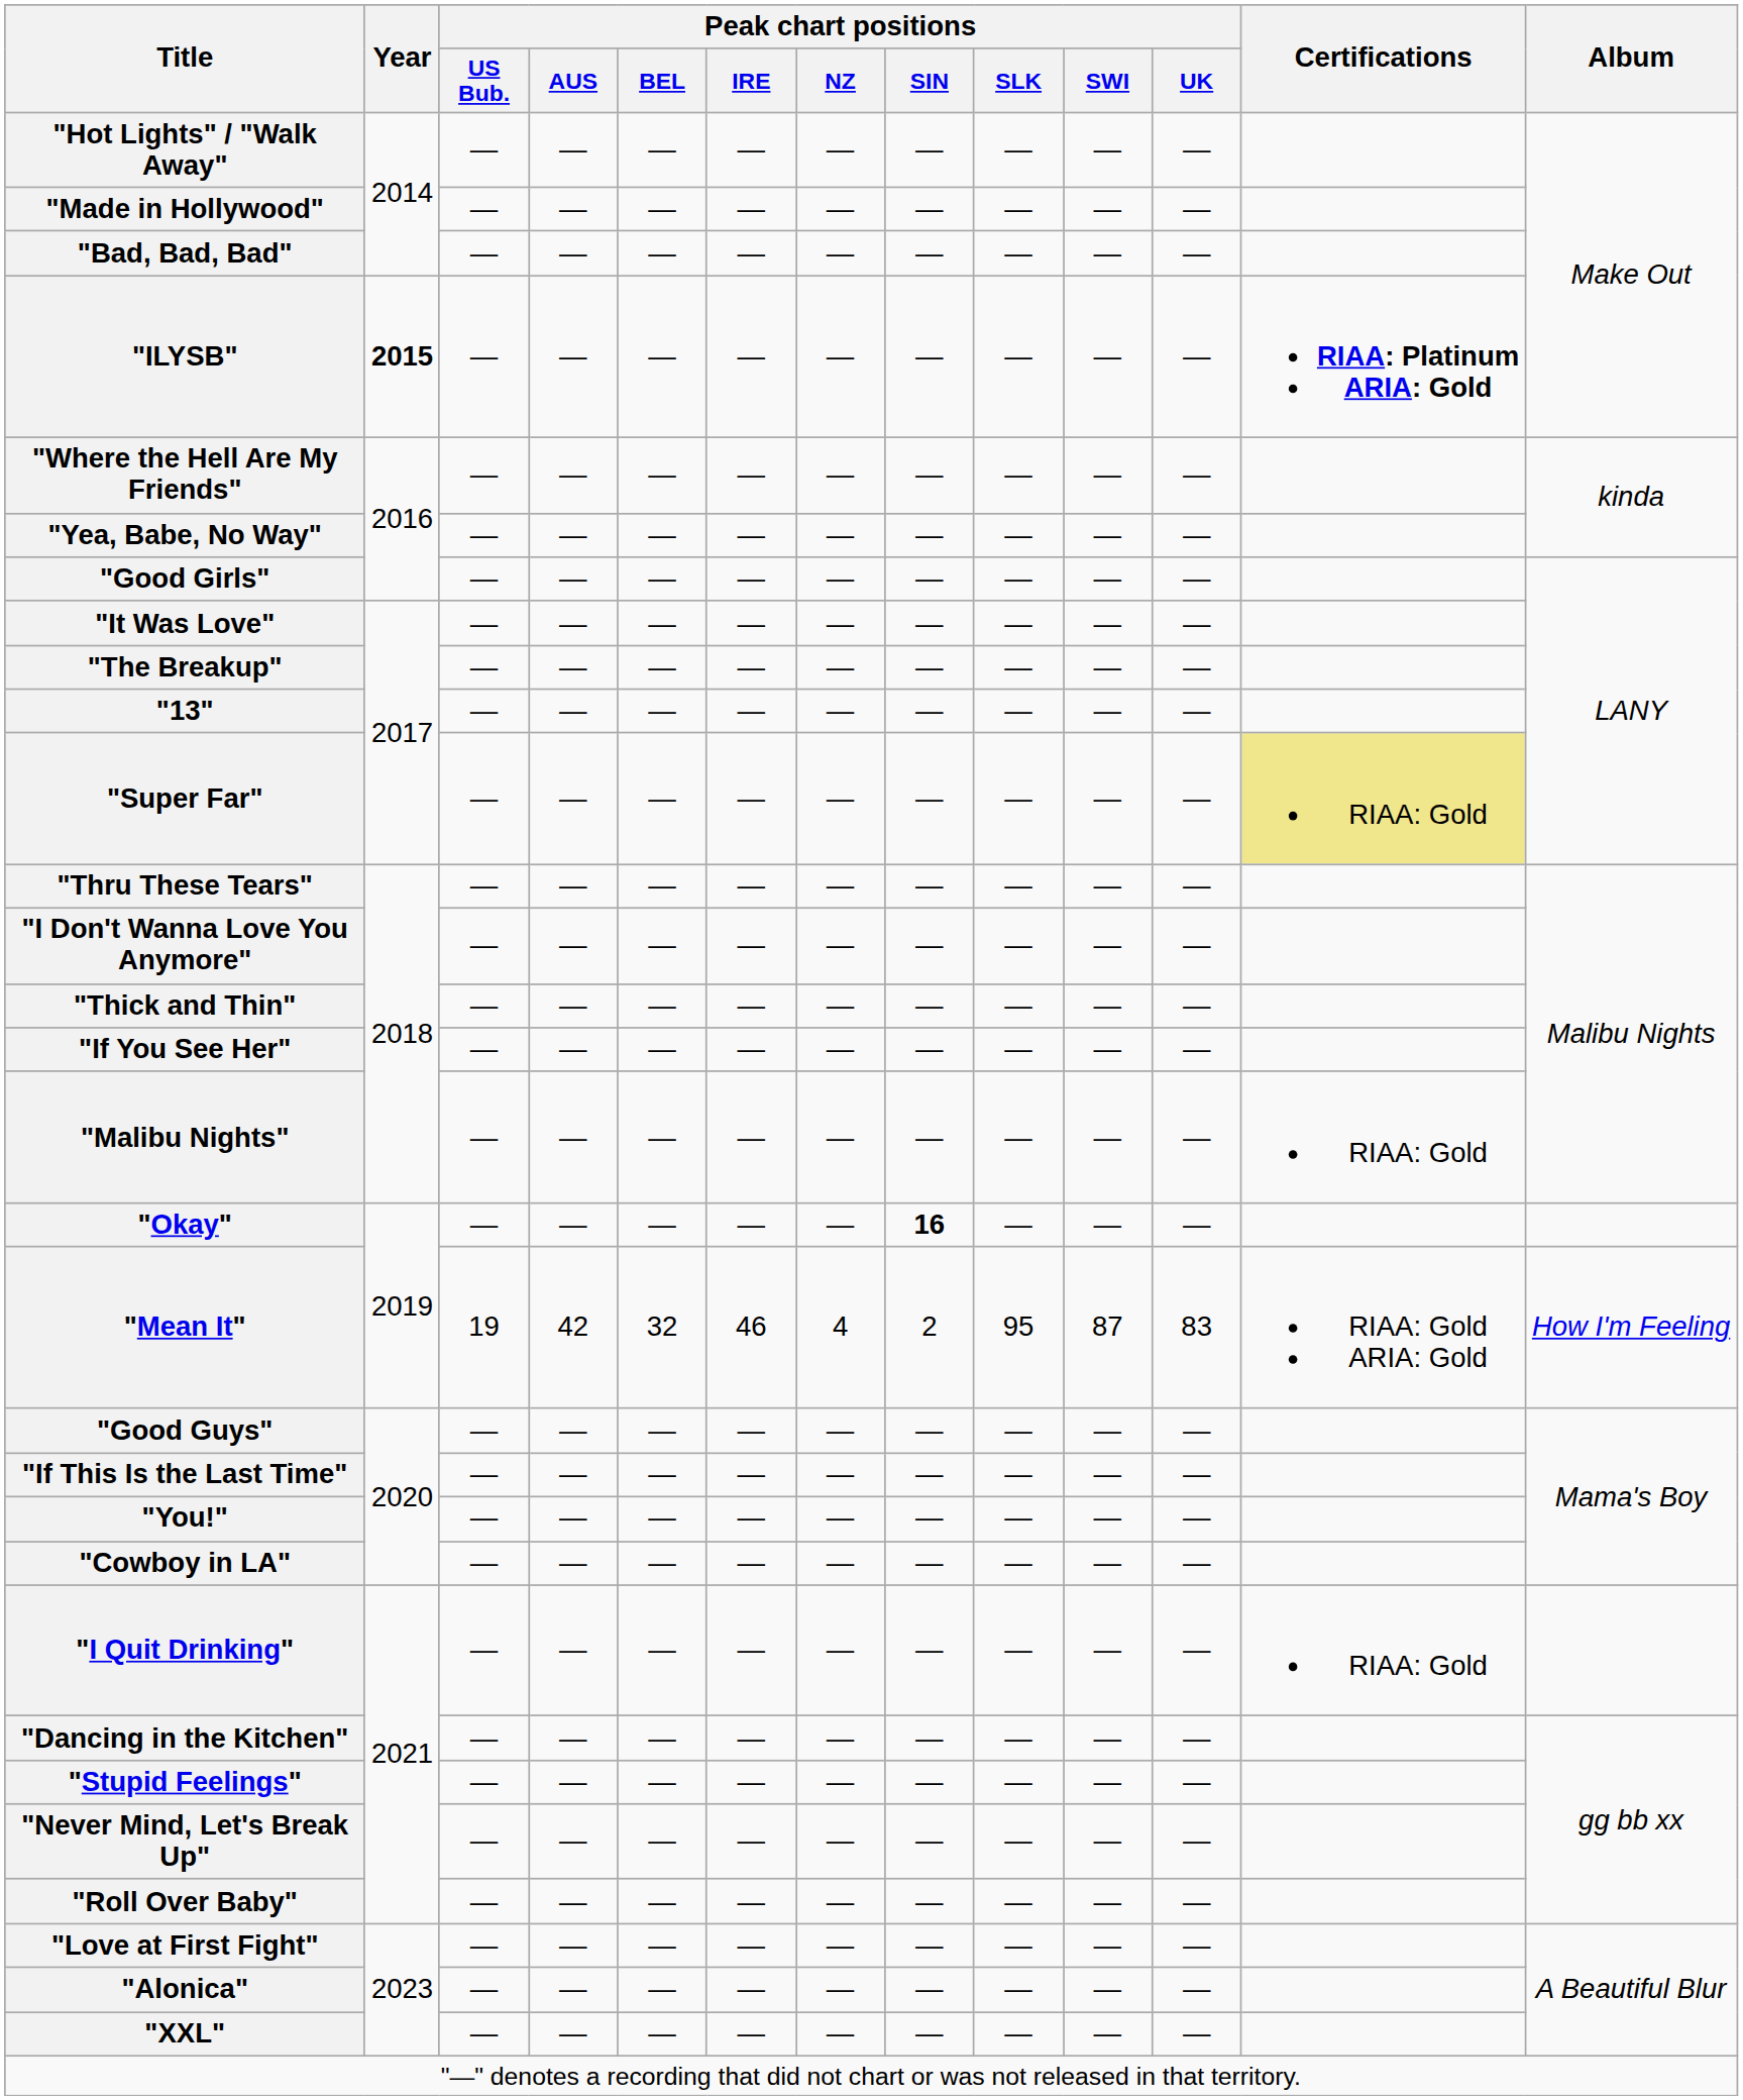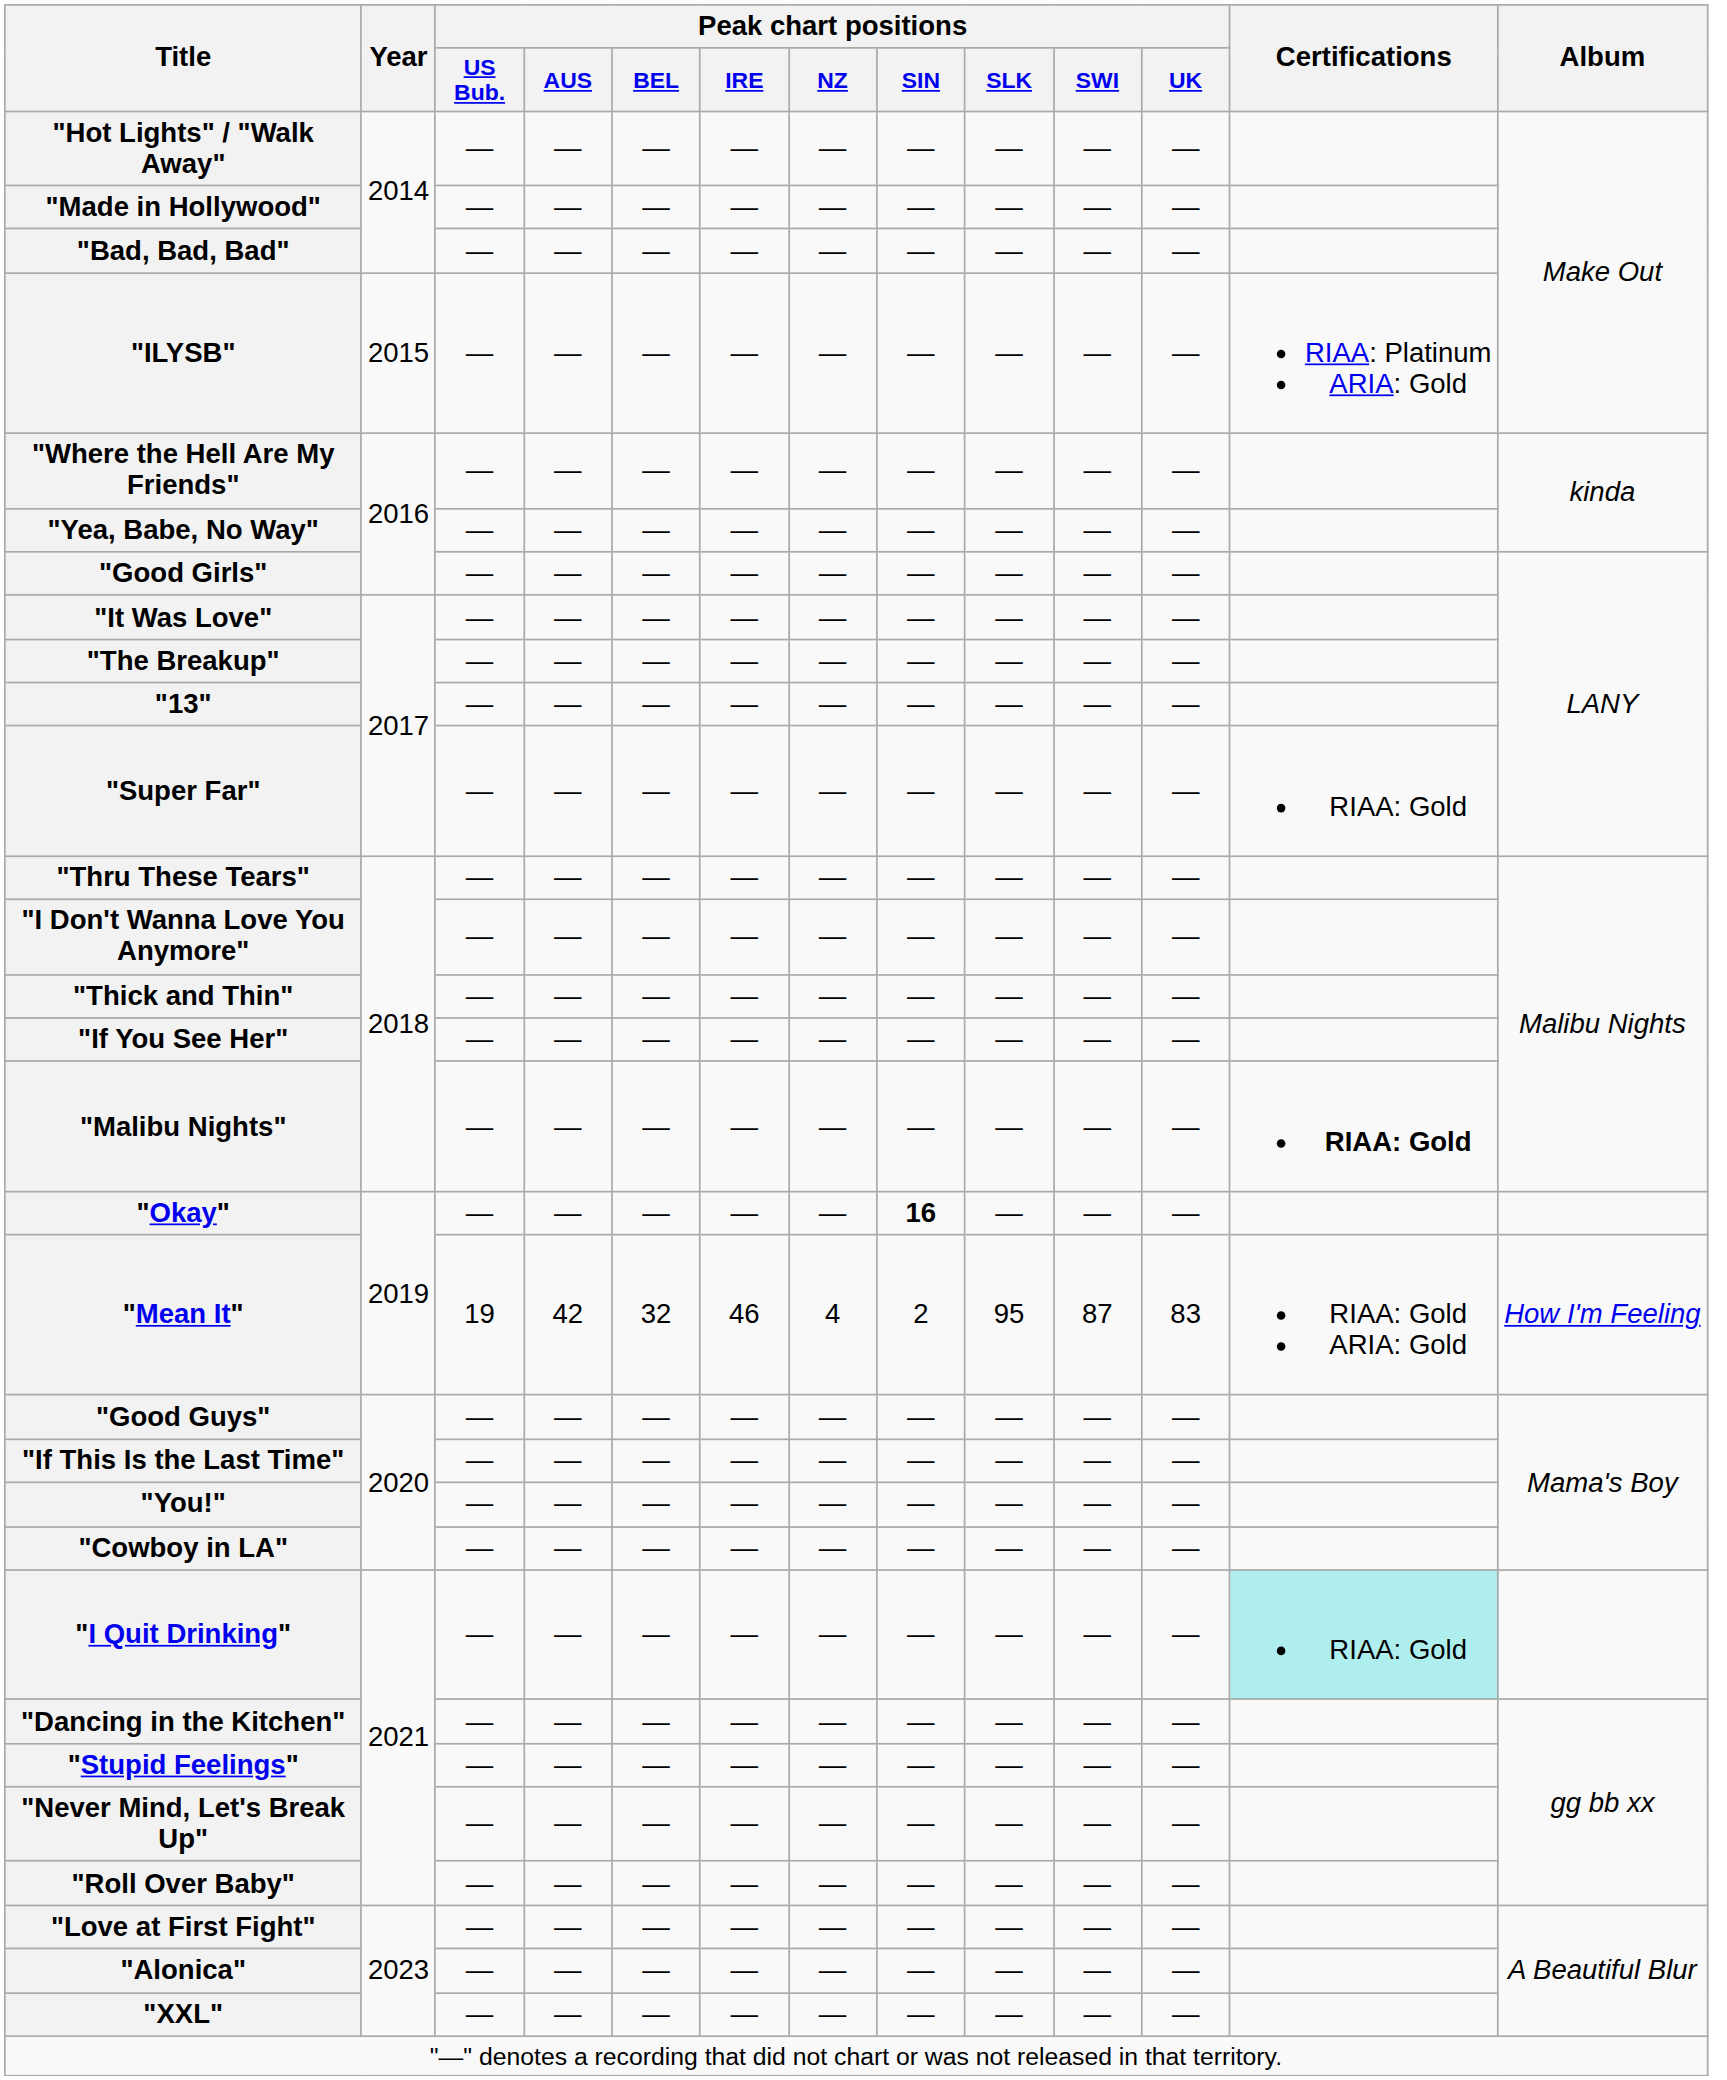 <table class="wikitable plainrowheaders" style="text-align:center;">
 <tr>
 <th scope="col" rowspan="2" style="width:200px;">Title</th>
 <th scope="col" rowspan="2">Year</th>
 <th scope="col" colspan="9">Peak chart positions</th>
 <th scope="col" rowspan="2">Certifications</th>
 <th scope="col" rowspan="2">Album</th>
 </tr>
 <tr style="font-size:smaller;">
 <th style="width:45px;"><a href='#'>US<br>Bub.</a><br></th>
 <th style="width:45px;"><a href='#'>AUS</a><br></th>
 <th style="width:45px;"><a href='#'>BEL</a><br></th>
 <th style="width:45px;"><a href='#'>IRE</a><br></th>
 <th style="width:45px;"><a href='#'>NZ</a><br></th>
 <th style="width:45px;"><a href='#'>SIN</a><br></th>
 <th style="width:45px;"><a href='#'>SLK</a><br></th>
 <th style="width:45px;"><a href='#'>SWI</a><br></th>
 <th style="width:45px;"><a href='#'>UK</a><br></th>
 </tr>
 <tr>
 <th scope="row">"Hot Lights" / "Walk Away"</th>
 <td rowspan="3">2014</td>
 <td>—</td>
 <td>—</td>
 <td>—</td>
 <td>—</td>
 <td>—</td>
 <td>—</td>
 <td>—</td>
 <td>—</td>
 <td>—</td>
 <td></td>
 <td rowspan="4"><em>Make Out</em></td>
 </tr>
 <tr>
 <th scope="row">"Made in Hollywood"</th>
 <td>—</td>
 <td>—</td>
 <td>—</td>
 <td>—</td>
 <td>—</td>
 <td>—</td>
 <td>—</td>
 <td>—</td>
 <td>—</td>
 <td></td>
 </tr>
 <tr>
 <th scope="row">"Bad, Bad, Bad"</th>
 <td>—</td>
 <td>—</td>
 <td>—</td>
 <td>—</td>
 <td>—</td>
 <td>—</td>
 <td>—</td>
 <td>—</td>
 <td>—</td>
 <td></td>
 </tr>
 <tr>
 <th scope="row">"ILYSB"</th>
-<td><strong>2015</strong></td>
+<td>2015</td>
 <td>—</td>
 <td>—</td>
 <td>—</td>
 <td>—</td>
 <td>—</td>
 <td>—</td>
 <td>—</td>
 <td>—</td>
 <td>—</td>
-<td><strong><br><ul><li><a href='#'>RIAA</a>: Platinum</li><li><a href='#'>ARIA</a>: Gold</li></ul></strong></td>
+<td><br><ul><li><a href='#'>RIAA</a>: Platinum</li><li><a href='#'>ARIA</a>: Gold</li></ul></td>
 </tr>
 <tr>
 <th scope="row">"Where the Hell Are My Friends"</th>
 <td rowspan="3">2016</td>
 <td>—</td>
 <td>—</td>
 <td>—</td>
 <td>—</td>
 <td>—</td>
 <td>—</td>
 <td>—</td>
 <td>—</td>
 <td>—</td>
 <td></td>
 <td rowspan="2"><em>kinda</em></td>
 </tr>
 <tr>
 <th scope="row">"Yea, Babe, No Way"</th>
 <td>—</td>
 <td>—</td>
 <td>—</td>
 <td>—</td>
 <td>—</td>
 <td>—</td>
 <td>—</td>
 <td>—</td>
 <td>—</td>
 <td></td>
 </tr>
 <tr>
 <th scope="row">"Good Girls"</th>
 <td>—</td>
 <td>—</td>
 <td>—</td>
 <td>—</td>
 <td>—</td>
 <td>—</td>
 <td>—</td>
 <td>—</td>
 <td>—</td>
 <td></td>
 <td rowspan="5"><em>LANY</em></td>
 </tr>
 <tr>
 <th scope="row">"It Was Love"</th>
 <td rowspan="4">2017</td>
 <td>—</td>
 <td>—</td>
 <td>—</td>
 <td>—</td>
 <td>—</td>
 <td>—</td>
 <td>—</td>
 <td>—</td>
 <td>—</td>
 <td></td>
 </tr>
 <tr>
 <th scope="row">"The Breakup"</th>
 <td>—</td>
 <td>—</td>
 <td>—</td>
 <td>—</td>
 <td>—</td>
 <td>—</td>
 <td>—</td>
 <td>—</td>
 <td>—</td>
 <td></td>
 </tr>
 <tr>
 <th scope="row">"13"</th>
 <td>—</td>
 <td>—</td>
 <td>—</td>
 <td>—</td>
 <td>—</td>
 <td>—</td>
 <td>—</td>
 <td>—</td>
 <td>—</td>
 <td></td>
 </tr>
 <tr>
 <th scope="row">"Super Far"</th>
 <td>—</td>
 <td>—</td>
 <td>—</td>
 <td>—</td>
 <td>—</td>
 <td>—</td>
 <td>—</td>
 <td>—</td>
 <td>—</td>
-<td style="background: khaki;"><br><ul><li>RIAA: Gold</li></ul></td>
+<td><br><ul><li>RIAA: Gold</li></ul></td>
 </tr>
 <tr>
 <th scope="row">"Thru These Tears"</th>
 <td rowspan="5">2018</td>
 <td>—</td>
 <td>—</td>
 <td>—</td>
 <td>—</td>
 <td>—</td>
 <td>—</td>
 <td>—</td>
 <td>—</td>
 <td>—</td>
 <td></td>
 <td rowspan="5"><em>Malibu Nights</em></td>
 </tr>
 <tr>
 <th scope="row">"I Don't Wanna Love You Anymore"</th>
 <td>—</td>
 <td>—</td>
 <td>—</td>
 <td>—</td>
 <td>—</td>
 <td>—</td>
 <td>—</td>
 <td>—</td>
 <td>—</td>
 <td></td>
 </tr>
 <tr>
 <th scope="row">"Thick and Thin"</th>
 <td>—</td>
 <td>—</td>
 <td>—</td>
 <td>—</td>
 <td>—</td>
 <td>—</td>
 <td>—</td>
 <td>—</td>
 <td>—</td>
 <td></td>
 </tr>
 <tr>
 <th scope="row">"If You See Her"</th>
 <td>—</td>
 <td>—</td>
 <td>—</td>
 <td>—</td>
 <td>—</td>
 <td>—</td>
 <td>—</td>
 <td>—</td>
 <td>—</td>
 <td></td>
 </tr>
 <tr>
 <th scope="row">"Malibu Nights"</th>
 <td>—</td>
 <td>—</td>
 <td>—</td>
 <td>—</td>
 <td>—</td>
 <td>—</td>
 <td>—</td>
 <td>—</td>
 <td>—</td>
-<td><br><ul><li>RIAA: Gold</li></ul></td>
+<td><strong><br><ul><li>RIAA: Gold</li></ul></strong></td>
 </tr>
 <tr>
 <th scope="row">"<a href='#'>Okay</a>"<br></th>
 <td rowspan="2">2019</td>
 <td>—</td>
 <td>—</td>
 <td>—</td>
 <td>—</td>
 <td>—</td>
 <td><strong>16</strong></td>
 <td>—</td>
 <td>—</td>
 <td>—</td>
 <td></td>
 <td></td>
 </tr>
 <tr>
 <th scope="row">"<a href='#'>Mean It</a>"<br></th>
 <td>19</td>
 <td>42</td>
 <td>32</td>
 <td>46</td>
 <td>4</td>
 <td>2</td>
 <td>95</td>
 <td>87</td>
 <td>83</td>
 <td><br><ul><li>RIAA: Gold</li><li>ARIA: Gold</li></ul></td>
 <td><em><a href='#'>How I'm Feeling</a></em></td>
 </tr>
 <tr>
 <th scope="row">"Good Guys"</th>
 <td rowspan="4">2020</td>
 <td>—</td>
 <td>—</td>
 <td>—</td>
 <td>—</td>
 <td>—</td>
 <td>—</td>
 <td>—</td>
 <td>—</td>
 <td>—</td>
 <td></td>
 <td rowspan="4"><em>Mama's Boy</em></td>
 </tr>
 <tr>
 <th scope="row">"If This Is the Last Time"</th>
 <td>—</td>
 <td>—</td>
 <td>—</td>
 <td>—</td>
 <td>—</td>
 <td>—</td>
 <td>—</td>
 <td>—</td>
 <td>—</td>
 <td></td>
 </tr>
 <tr>
 <th scope="row">"You!"</th>
 <td>—</td>
 <td>—</td>
 <td>—</td>
 <td>—</td>
 <td>—</td>
 <td>—</td>
 <td>—</td>
 <td>—</td>
 <td>—</td>
 <td></td>
 </tr>
 <tr>
 <th scope="row">"Cowboy in LA"</th>
 <td>—</td>
 <td>—</td>
 <td>—</td>
 <td>—</td>
 <td>—</td>
 <td>—</td>
 <td>—</td>
 <td>—</td>
 <td>—</td>
 <td></td>
 </tr>
 <tr>
 <th scope="row">"<a href='#'>I Quit Drinking</a>"<br></th>
 <td rowspan="5">2021</td>
 <td>—</td>
 <td>—</td>
 <td>—</td>
 <td>—</td>
 <td>—</td>
 <td>—</td>
 <td>—</td>
 <td>—</td>
 <td>—</td>
-<td><br><ul><li>RIAA: Gold</li></ul></td>
+<td style="background: paleturquoise;"><br><ul><li>RIAA: Gold</li></ul></td>
 <td></td>
 </tr>
 <tr>
 <th scope="row">"Dancing in the Kitchen"</th>
 <td>—</td>
 <td>—</td>
 <td>—</td>
 <td>—</td>
 <td>—</td>
 <td>—</td>
 <td>—</td>
 <td>—</td>
 <td>—</td>
 <td></td>
 <td rowspan="4"><em>gg bb xx</em></td>
 </tr>
 <tr>
 <th scope="row">"<a href='#'>Stupid Feelings</a>"<br></th>
 <td>—</td>
 <td>—</td>
 <td>—</td>
 <td>—</td>
 <td>—</td>
 <td>—</td>
 <td>—</td>
 <td>—</td>
 <td>—</td>
 <td></td>
 </tr>
 <tr>
 <th scope="row">"Never Mind, Let's Break Up"</th>
 <td>—</td>
 <td>—</td>
 <td>—</td>
 <td>—</td>
 <td>—</td>
 <td>—</td>
 <td>—</td>
 <td>—</td>
 <td>—</td>
 <td></td>
 </tr>
 <tr>
 <th scope="row">"Roll Over Baby"</th>
 <td>—</td>
 <td>—</td>
 <td>—</td>
 <td>—</td>
 <td>—</td>
 <td>—</td>
 <td>—</td>
 <td>—</td>
 <td>—</td>
 <td></td>
 </tr>
 <tr>
 <th scope="row">"Love at First Fight"</th>
 <td rowspan="3">2023</td>
 <td>—</td>
 <td>—</td>
 <td>—</td>
 <td>—</td>
 <td>—</td>
 <td>—</td>
 <td>—</td>
 <td>—</td>
 <td>—</td>
 <td></td>
 <td rowspan="3"><em>A Beautiful Blur</em></td>
 </tr>
 <tr>
 <th scope="row">"Alonica"</th>
 <td>—</td>
 <td>—</td>
 <td>—</td>
 <td>—</td>
 <td>—</td>
 <td>—</td>
 <td>—</td>
 <td>—</td>
 <td>—</td>
 <td></td>
 </tr>
 <tr>
 <th scope="row">"XXL"</th>
 <td>—</td>
 <td>—</td>
 <td>—</td>
 <td>—</td>
 <td>—</td>
 <td>—</td>
 <td>—</td>
 <td>—</td>
 <td>—</td>
 <td></td>
 </tr>
 <tr>
 <td colspan="14" style="font-size:90%">"—" denotes a recording that did not chart or was not released in that territory.</td>
 </tr>
 </table>
